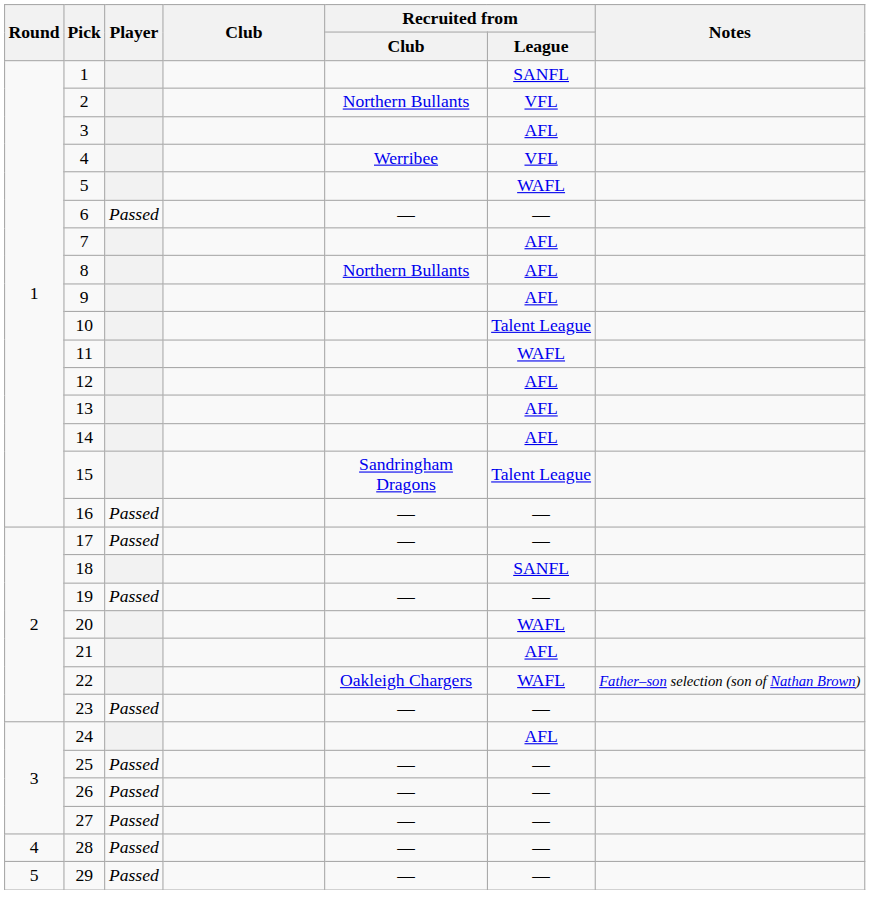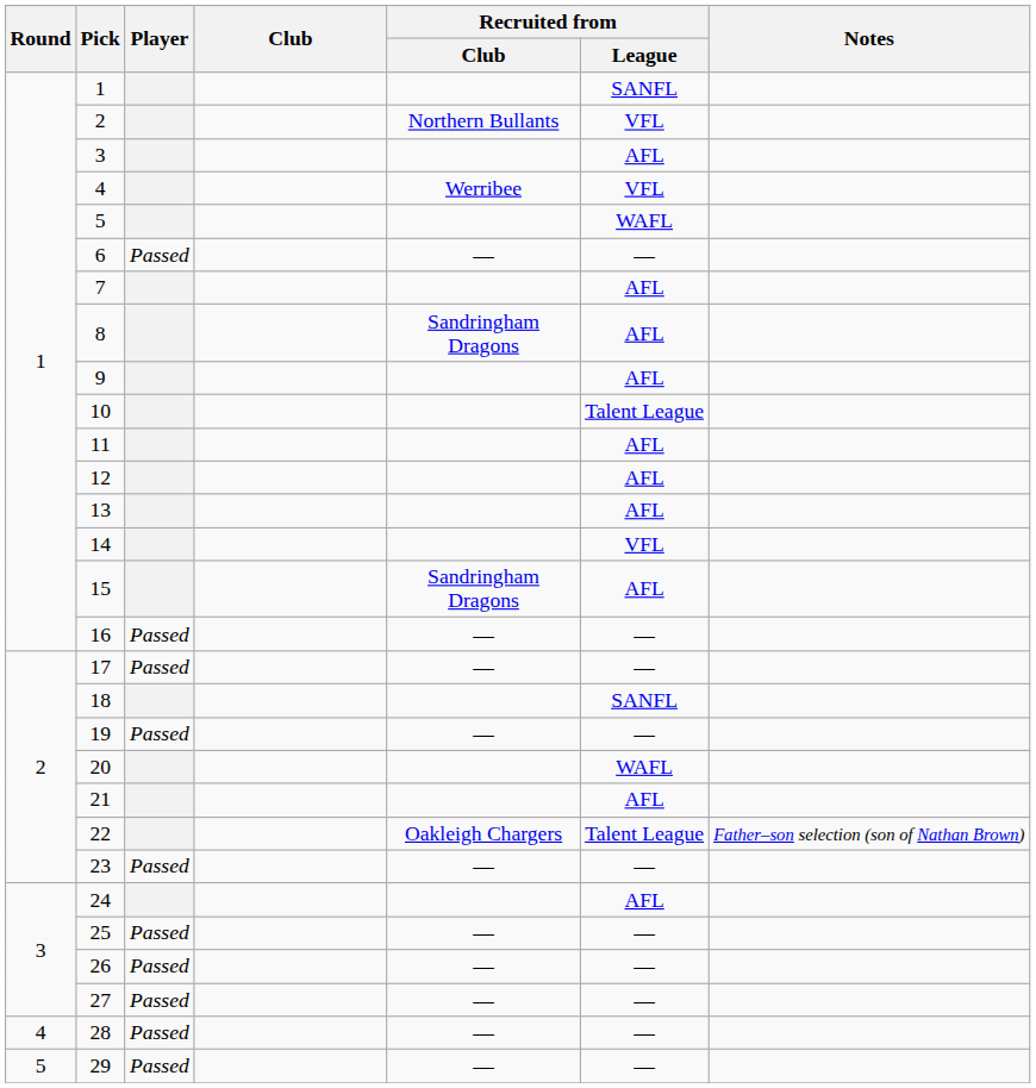 <table class="wikitable sortable plainrowheaders" style="text-align:center;">
 <tr>
 <th rowspan=2>Round</th>
 <th rowspan=2>Pick</th>
 <th rowspan=2>Player</th>
 <th rowspan=2 style="width: 105pt">Club</th>
 <th colspan=2>Recruited from</th>
 <th class="unsortable" rowspan=2>Notes</th>
 </tr>
 <tr>
 <th style="width: 105pt">Club</th>
 <th>League</th>
 </tr>
 <tr>
 <td rowspan=16>1</td>
 <td>1</td>
 <th scope=row></th>
 <td></td>
 <td></td>
 <td><a href='#'>SANFL</a></td>
 <td style="text-align:left;"></td>
 </tr>
 <tr>
 <td>2</td>
 <th scope=row></th>
 <td></td>
 <td><a href='#'>Northern Bullants</a></td>
 <td><a href='#'>VFL</a></td>
 <td style="text-align:left;"></td>
 </tr>
 <tr>
 <td>3</td>
 <th scope=row></th>
 <td></td>
 <td></td>
 <td><a href='#'>AFL</a></td>
 <td style="text-align:left;"></td>
 </tr>
 <tr>
 <td>4</td>
 <th scope=row></th>
 <td></td>
 <td><a href='#'>Werribee</a></td>
 <td><a href='#'>VFL</a></td>
 <td style="text-align:left;"></td>
 </tr>
 <tr>
 <td>5</td>
 <th scope=row></th>
 <td></td>
 <td></td>
 <td><a href='#'>WAFL</a></td>
 <td style="text-align:left;"></td>
 </tr>
 <tr>
 <td>6</td>
 <td><em>Passed</em></td>
 <td></td>
 <td>—</td>
 <td>—</td>
 <td style="text-align:left;"></td>
 </tr>
 <tr>
 <td>7</td>
 <th scope=row></th>
 <td></td>
 <td></td>
 <td><a href='#'>AFL</a></td>
 <td style="text-align:left;"></td>
 </tr>
 <tr>
 <td>8</td>
 <th scope=row></th>
 <td></td>
-<td><a href='#'>Northern Bullants</a></td>
+<td><a href='#'>Sandringham Dragons</a></td>
 <td><a href='#'>AFL</a></td>
 <td style="text-align:left;"></td>
 </tr>
 <tr>
 <td>9</td>
 <th scope=row></th>
 <td></td>
 <td></td>
 <td><a href='#'>AFL</a></td>
 <td style="text-align:left;"></td>
 </tr>
 <tr>
 <td>10</td>
 <th scope=row></th>
 <td></td>
 <td></td>
 <td><a href='#'>Talent League</a></td>
 <td style="text-align:left;"></td>
 </tr>
 <tr>
 <td>11</td>
 <th scope=row></th>
 <td></td>
 <td></td>
-<td><a href='#'>WAFL</a></td>
+<td><a href='#'>AFL</a></td>
 <td style="text-align:left;"></td>
 </tr>
 <tr>
 <td>12</td>
 <th scope=row></th>
 <td></td>
 <td></td>
 <td><a href='#'>AFL</a></td>
 <td style="text-align:left;"></td>
 </tr>
 <tr>
 <td>13</td>
 <th scope=row></th>
 <td></td>
 <td></td>
 <td><a href='#'>AFL</a></td>
 <td style="text-align:left;"></td>
 </tr>
 <tr>
 <td>14</td>
 <th scope=row></th>
 <td></td>
 <td></td>
-<td><a href='#'>AFL</a></td>
+<td><a href='#'>VFL</a></td>
 <td style="text-align:left;"></td>
 </tr>
 <tr>
 <td>15</td>
 <th scope=row></th>
 <td></td>
 <td><a href='#'>Sandringham Dragons</a></td>
-<td><a href='#'>Talent League</a></td>
+<td><a href='#'>AFL</a></td>
 <td style="text-align:left;"></td>
 </tr>
 <tr>
 <td>16</td>
 <td><em>Passed</em></td>
 <td></td>
 <td>—</td>
 <td>—</td>
 <td style="text-align:left;"></td>
 </tr>
 <tr>
 <td rowspan=7>2</td>
 <td>17</td>
 <td><em>Passed</em></td>
 <td></td>
 <td>—</td>
 <td>—</td>
 <td style="text-align:left;"></td>
 </tr>
 <tr>
 <td>18</td>
 <th scope=row></th>
 <td></td>
 <td></td>
 <td><a href='#'>SANFL</a></td>
 <td style="text-align:left;"></td>
 </tr>
 <tr>
 <td>19</td>
 <td><em>Passed</em></td>
 <td></td>
 <td>—</td>
 <td>—</td>
 <td style="text-align:left;"></td>
 </tr>
 <tr>
 <td>20</td>
 <th scope=row></th>
 <td></td>
 <td></td>
 <td><a href='#'>WAFL</a></td>
 <td style="text-align:left;"></td>
 </tr>
 <tr>
 <td>21</td>
 <th scope=row></th>
 <td></td>
 <td></td>
 <td><a href='#'>AFL</a></td>
 <td style="text-align:left;"></td>
 </tr>
 <tr>
 <td>22</td>
 <th scope=row></th>
 <td></td>
 <td><a href='#'>Oakleigh Chargers</a></td>
-<td><a href='#'>WAFL</a></td>
+<td><a href='#'>Talent League</a></td>
 <td style="text-align=left;"><small><em><a href='#'>Father–son</a> selection (son of <a href='#'>Nathan Brown</a>)</em></small></td>
 </tr>
 <tr>
 <td>23</td>
 <td><em>Passed</em></td>
 <td></td>
 <td>—</td>
 <td>—</td>
 <td style="text-align:left;"></td>
 </tr>
 <tr>
 <td rowspan=4>3</td>
 <td>24</td>
 <th scope=row></th>
 <td></td>
 <td></td>
 <td><a href='#'>AFL</a></td>
 <td style="text-align:left;"></td>
 </tr>
 <tr>
 <td>25</td>
 <td><em>Passed</em></td>
 <td></td>
 <td>—</td>
 <td>—</td>
 <td style="text-align:left;"></td>
 </tr>
 <tr>
 <td>26</td>
 <td><em>Passed</em></td>
 <td></td>
 <td>—</td>
 <td>—</td>
 <td style="text-align:left;"></td>
 </tr>
 <tr>
 <td>27</td>
 <td><em>Passed</em></td>
 <td></td>
 <td>—</td>
 <td>—</td>
 <td style="text-align:left;"></td>
 </tr>
 <tr>
 <td>4</td>
 <td>28</td>
 <td><em>Passed</em></td>
 <td></td>
 <td>—</td>
 <td>—</td>
 <td style="text-align:left;"></td>
 </tr>
 <tr>
 <td>5</td>
 <td>29</td>
 <td><em>Passed</em></td>
 <td></td>
 <td>—</td>
 <td>—</td>
 <td style="text-align:left;"></td>
 </tr>
 </table>
